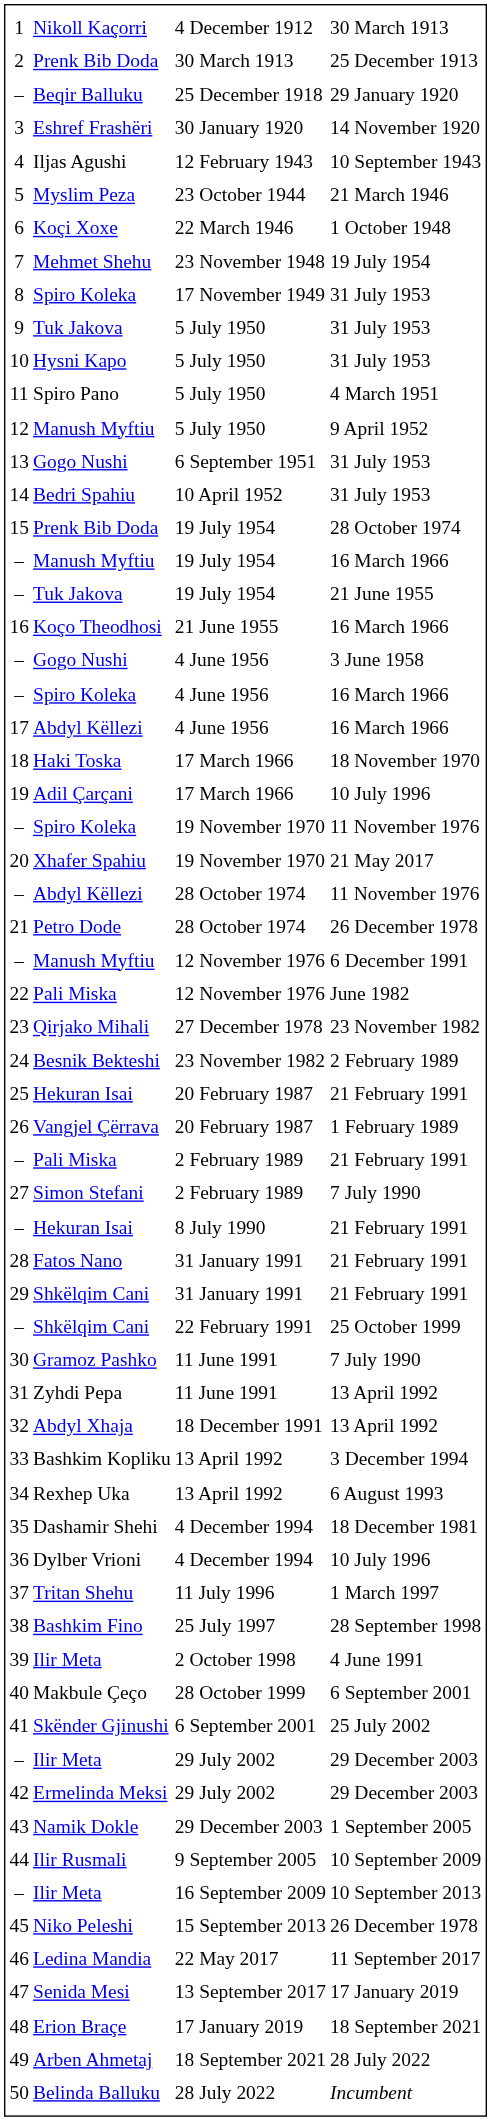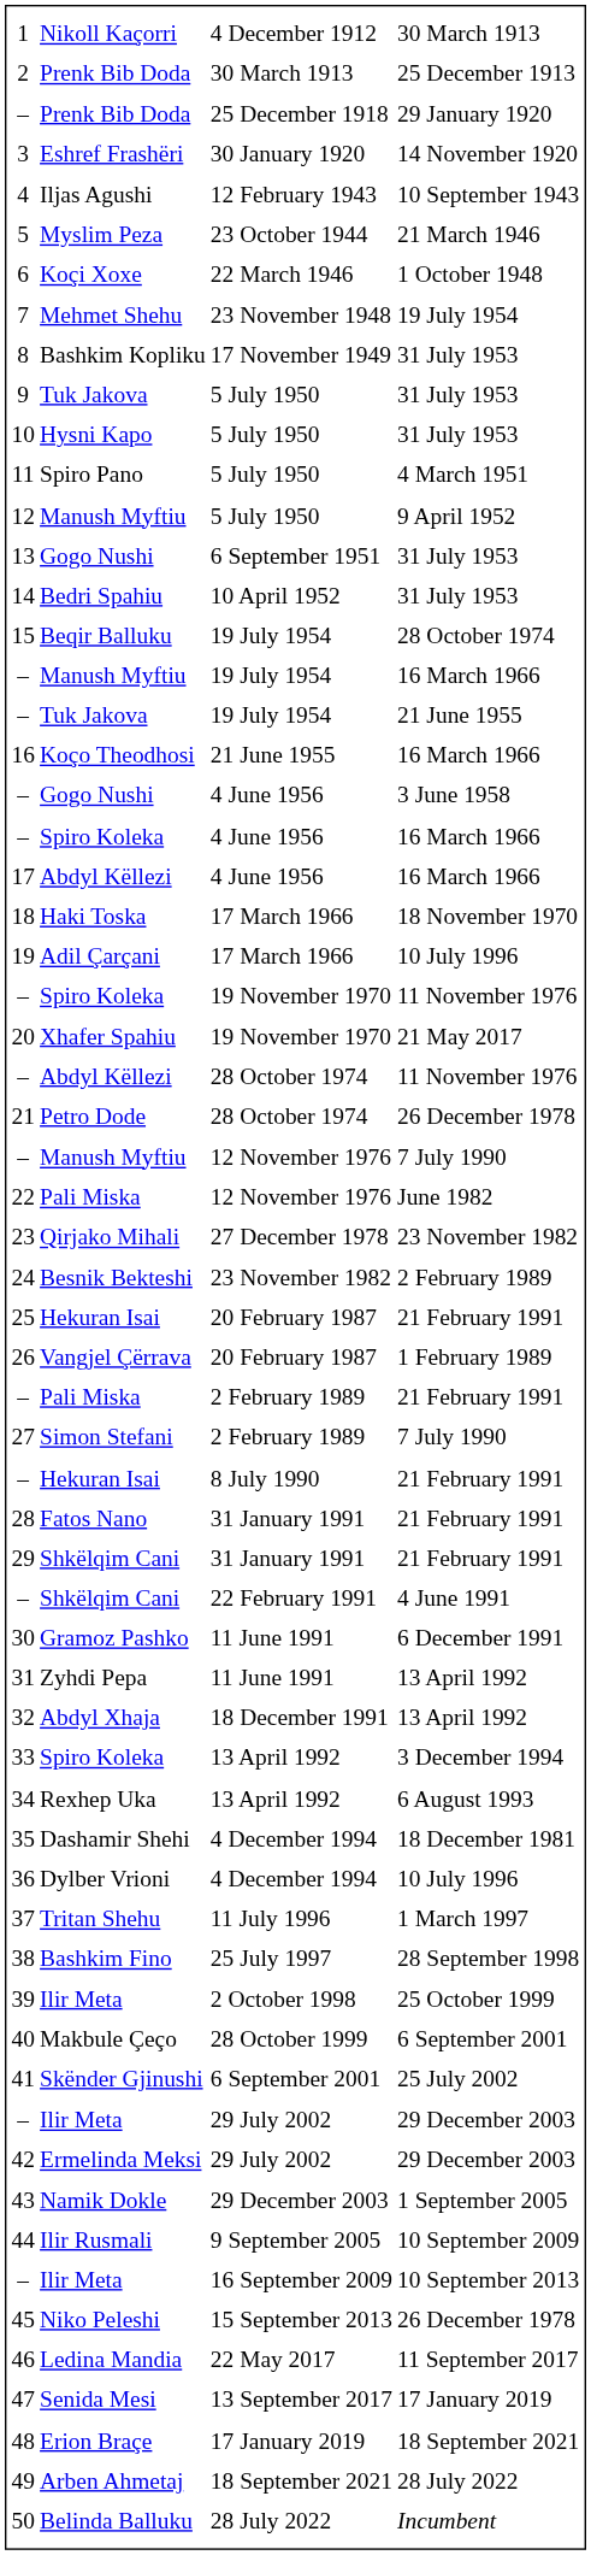 <table cellpadding="0" cellspacing="3" style="border:1px solid #000000; font-size:88%; line-height: 1.5em;">
 <tr>
 <td><strong></strong></td>
 <td><strong></strong></td>
 <td colspan="2"></td>
 </tr>
 <tr>
 <td align="center">1</td>
 <td><a href='#'>Nikoll Kaçorri</a></td>
 <td>4 December 1912</td>
 <td>30 March 1913</td>
 </tr>
 <tr>
 <td align="center">2</td>
 <td><a href='#'>Prenk Bib Doda</a></td>
 <td>30 March 1913</td>
 <td>25 December 1913</td>
 </tr>
 <tr>
 <td align="center">–</td>
-<td><a href='#'>Beqir Balluku</a></td>
+<td><a href='#'>Prenk Bib Doda</a></td>
 <td>25 December 1918</td>
 <td>29 January 1920</td>
 </tr>
 <tr>
 <td align="center">3</td>
 <td><a href='#'>Eshref Frashëri</a></td>
 <td>30 January 1920</td>
 <td>14 November 1920</td>
 </tr>
 <tr>
 <td align="center">4</td>
 <td>Iljas Agushi</td>
 <td>12 February 1943</td>
 <td>10 September 1943</td>
 </tr>
 <tr>
 <td align="center">5</td>
 <td><a href='#'>Myslim Peza</a></td>
 <td>23 October 1944</td>
 <td>21 March 1946</td>
 </tr>
 <tr>
 <td align="center">6</td>
 <td><a href='#'>Koçi Xoxe</a></td>
 <td>22 March 1946</td>
 <td>1 October 1948</td>
 </tr>
 <tr>
 <td align="center">7</td>
 <td><a href='#'>Mehmet Shehu</a></td>
 <td>23 November 1948</td>
 <td>19 July 1954</td>
 </tr>
 <tr>
 <td align="center">8</td>
-<td><a href='#'>Spiro Koleka</a></td>
+<td>Bashkim Kopliku</td>
 <td>17 November 1949</td>
 <td>31 July 1953</td>
 </tr>
 <tr>
 <td align="center">9</td>
 <td><a href='#'>Tuk Jakova</a></td>
 <td>5 July 1950</td>
 <td>31 July 1953</td>
 </tr>
 <tr>
 <td align="center">10</td>
 <td><a href='#'>Hysni Kapo</a></td>
 <td>5 July 1950</td>
 <td>31 July 1953</td>
 </tr>
 <tr>
 <td align="center">11</td>
 <td>Spiro Pano</td>
 <td>5 July 1950</td>
 <td>4 March 1951</td>
 </tr>
 <tr>
 <td align="center">12</td>
 <td><a href='#'>Manush Myftiu</a></td>
 <td>5 July 1950</td>
 <td>9 April 1952</td>
 </tr>
 <tr>
 <td align="center">13</td>
 <td><a href='#'>Gogo Nushi</a></td>
 <td>6 September 1951</td>
 <td>31 July 1953</td>
 </tr>
 <tr>
 <td align="center">14</td>
 <td><a href='#'>Bedri Spahiu</a></td>
 <td>10 April 1952</td>
 <td>31 July 1953</td>
 </tr>
 <tr>
 <td align="center">15</td>
-<td><a href='#'>Prenk Bib Doda</a></td>
+<td><a href='#'>Beqir Balluku</a></td>
 <td>19 July 1954</td>
 <td>28 October 1974</td>
 </tr>
 <tr>
 <td align="center">–</td>
 <td><a href='#'>Manush Myftiu</a></td>
 <td>19 July 1954</td>
 <td>16 March 1966</td>
 </tr>
 <tr>
 <td align="center">–</td>
 <td><a href='#'>Tuk Jakova</a></td>
 <td>19 July 1954</td>
 <td>21 June 1955</td>
 </tr>
 <tr>
 <td align="center">16</td>
 <td><a href='#'>Koço Theodhosi</a></td>
 <td>21 June 1955</td>
 <td>16 March 1966</td>
 </tr>
 <tr>
 <td align="center">–</td>
 <td><a href='#'>Gogo Nushi</a></td>
 <td>4 June 1956</td>
 <td>3 June 1958</td>
 </tr>
 <tr>
 <td align="center">–</td>
 <td><a href='#'>Spiro Koleka</a></td>
 <td>4 June 1956</td>
 <td>16 March 1966</td>
 </tr>
 <tr>
 <td align="center">17</td>
 <td><a href='#'>Abdyl Këllezi</a></td>
 <td>4 June 1956</td>
 <td>16 March 1966</td>
 </tr>
 <tr>
 <td align="center">18</td>
 <td><a href='#'>Haki Toska</a></td>
 <td>17 March 1966</td>
 <td>18 November 1970</td>
 </tr>
 <tr>
 <td align="center">19</td>
 <td><a href='#'>Adil Çarçani</a></td>
 <td>17 March 1966</td>
 <td>10 July 1996</td>
 </tr>
 <tr>
 <td align="center">–</td>
 <td><a href='#'>Spiro Koleka</a></td>
 <td>19 November 1970</td>
 <td>11 November 1976</td>
 </tr>
 <tr>
 <td align="center">20</td>
 <td><a href='#'>Xhafer Spahiu</a></td>
 <td>19 November 1970</td>
 <td>21 May 2017</td>
 </tr>
 <tr>
 <td align="center">–</td>
 <td><a href='#'>Abdyl Këllezi</a></td>
 <td>28 October 1974</td>
 <td>11 November 1976</td>
 </tr>
 <tr>
 <td align="center">21</td>
 <td><a href='#'>Petro Dode</a></td>
 <td>28 October 1974</td>
 <td>26 December 1978</td>
 </tr>
 <tr>
 <td align="center">–</td>
 <td><a href='#'>Manush Myftiu</a></td>
 <td>12 November 1976</td>
-<td>6 December 1991</td>
+<td>7 July 1990</td>
 </tr>
 <tr>
 <td align="center">22</td>
 <td><a href='#'>Pali Miska</a></td>
 <td>12 November 1976</td>
 <td>June 1982</td>
 </tr>
 <tr>
 <td align="center">23</td>
 <td><a href='#'>Qirjako Mihali</a></td>
 <td>27 December 1978</td>
 <td>23 November 1982</td>
 </tr>
 <tr>
 <td align="center">24</td>
 <td><a href='#'>Besnik Bekteshi</a></td>
 <td>23 November 1982</td>
 <td>2 February 1989</td>
 </tr>
 <tr>
 <td align="center">25</td>
 <td><a href='#'>Hekuran Isai</a></td>
 <td>20 February 1987</td>
 <td>21 February 1991</td>
 </tr>
 <tr>
 <td align="center">26</td>
 <td><a href='#'>Vangjel Çërrava</a></td>
 <td>20 February 1987</td>
 <td>1 February 1989</td>
 </tr>
 <tr>
 <td align="center">–</td>
 <td><a href='#'>Pali Miska</a></td>
 <td>2 February 1989</td>
 <td>21 February 1991</td>
 </tr>
 <tr>
 <td align="center">27</td>
 <td><a href='#'>Simon Stefani</a></td>
 <td>2 February 1989</td>
 <td>7 July 1990</td>
 </tr>
 <tr>
 <td align="center">–</td>
 <td><a href='#'>Hekuran Isai</a></td>
 <td>8 July 1990</td>
 <td>21 February 1991</td>
 </tr>
 <tr>
 <td align="center">28</td>
 <td><a href='#'>Fatos Nano</a></td>
 <td>31 January 1991</td>
 <td>21 February 1991</td>
 </tr>
 <tr>
 <td align="center">29</td>
 <td><a href='#'>Shkëlqim Cani</a></td>
 <td>31 January 1991</td>
 <td>21 February 1991</td>
 </tr>
 <tr>
 <td align="center">–</td>
 <td><a href='#'>Shkëlqim Cani</a></td>
 <td>22 February 1991</td>
-<td>25 October 1999</td>
+<td>4 June 1991</td>
 </tr>
 <tr>
 <td align="center">30</td>
 <td><a href='#'>Gramoz Pashko</a></td>
 <td>11 June 1991</td>
-<td>7 July 1990</td>
+<td>6 December 1991</td>
 </tr>
 <tr>
 <td align="center">31</td>
 <td>Zyhdi Pepa</td>
 <td>11 June 1991</td>
 <td>13 April 1992</td>
 </tr>
 <tr>
 <td align="center">32</td>
 <td><a href='#'>Abdyl Xhaja</a></td>
 <td>18 December 1991</td>
 <td>13 April 1992</td>
 </tr>
 <tr>
 <td align="center">33</td>
-<td>Bashkim Kopliku</td>
+<td><a href='#'>Spiro Koleka</a></td>
 <td>13 April 1992</td>
 <td>3 December 1994</td>
 </tr>
 <tr>
 <td align="center">34</td>
 <td>Rexhep Uka</td>
 <td>13 April 1992</td>
 <td>6 August 1993</td>
 </tr>
 <tr>
 <td align="center">35</td>
 <td>Dashamir Shehi</td>
 <td>4 December 1994</td>
 <td>18 December 1981</td>
 </tr>
 <tr>
 <td align="center">36</td>
 <td>Dylber Vrioni</td>
 <td>4 December 1994</td>
 <td>10 July 1996</td>
 </tr>
 <tr>
 <td align="center">37</td>
 <td><a href='#'>Tritan Shehu</a></td>
 <td>11 July 1996</td>
 <td>1 March 1997</td>
 </tr>
 <tr>
 <td align="center">38</td>
 <td><a href='#'>Bashkim Fino</a></td>
 <td>25 July 1997</td>
 <td>28 September 1998</td>
 </tr>
 <tr>
 <td align="center">39</td>
 <td><a href='#'>Ilir Meta</a></td>
 <td>2 October 1998</td>
-<td>4 June 1991</td>
+<td>25 October 1999</td>
 </tr>
 <tr>
 <td align="center">40</td>
 <td>Makbule Çeço</td>
 <td>28 October 1999</td>
 <td>6 September 2001</td>
 </tr>
 <tr>
 <td align="center">41</td>
 <td><a href='#'>Skënder Gjinushi</a></td>
 <td>6 September 2001</td>
 <td>25 July 2002</td>
 </tr>
 <tr>
 <td align="center">–</td>
 <td><a href='#'>Ilir Meta</a></td>
 <td>29 July 2002</td>
 <td>29 December 2003</td>
 </tr>
 <tr>
 <td align="center">42</td>
 <td><a href='#'>Ermelinda Meksi</a></td>
 <td>29 July 2002</td>
 <td>29 December 2003</td>
 </tr>
 <tr>
 <td align="center">43</td>
 <td><a href='#'>Namik Dokle</a></td>
 <td>29 December 2003</td>
 <td>1 September 2005</td>
 </tr>
 <tr>
 <td align="center">44</td>
 <td><a href='#'>Ilir Rusmali</a></td>
 <td>9 September 2005</td>
 <td>10 September 2009</td>
 </tr>
 <tr>
 <td align="center">–</td>
 <td><a href='#'>Ilir Meta</a></td>
 <td>16 September 2009</td>
 <td>10 September 2013</td>
 </tr>
 <tr>
 <td align="center">45</td>
 <td><a href='#'>Niko Peleshi</a></td>
 <td>15 September 2013</td>
 <td>26 December 1978</td>
 </tr>
 <tr>
 <td align="center">46</td>
 <td><a href='#'>Ledina Mandia</a></td>
 <td>22 May 2017</td>
 <td>11 September 2017</td>
 </tr>
 <tr>
 <td align="center">47</td>
 <td><a href='#'>Senida Mesi</a></td>
 <td>13 September 2017</td>
 <td>17 January 2019</td>
 </tr>
 <tr>
 <td align="center">48</td>
 <td><a href='#'>Erion Braçe</a></td>
 <td>17 January 2019</td>
 <td>18 September 2021</td>
 </tr>
 <tr>
 <td align="center">49</td>
 <td><a href='#'>Arben Ahmetaj</a></td>
 <td>18 September 2021</td>
 <td>28 July 2022</td>
 </tr>
 <tr>
 <td align="center">50</td>
 <td><a href='#'>Belinda Balluku</a></td>
 <td>28 July 2022</td>
 <td><em>Incumbent</em></td>
 </tr>
 <tr>
 </tr>
 </table>
